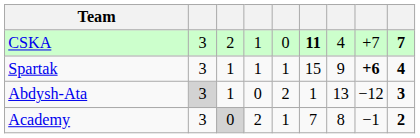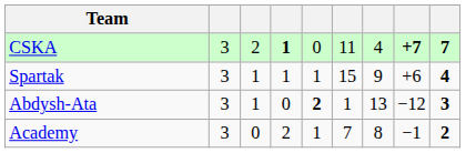 <table class="wikitable" style="text-align:center;">
 <tr>
 <th width=175>Team</th>
 <th width=20></th>
 <th width=20></th>
 <th width=20></th>
 <th width=20></th>
 <th width=20></th>
 <th width=20></th>
 <th width=20></th>
 <th width=20></th>
 </tr>
 <tr bgcolor=ccffcc>
 <td align="left"> <a href='#'>CSKA</a></td>
 <td>3</td>
 <td>2</td>
-<td>1</td>
+<td><strong>1</strong></td>
 <td>0</td>
-<td><strong>11</strong></td>
+<td>11</td>
 <td>4</td>
-<td>+7</td>
+<td><strong>+7</strong></td>
 <td><strong>7</strong></td>
 </tr>
 <tr>
 <td align="left"> <a href='#'>Spartak</a></td>
 <td>3</td>
 <td>1</td>
 <td>1</td>
 <td>1</td>
 <td>15</td>
 <td>9</td>
-<td><strong>+6</strong></td>
+<td>+6</td>
 <td><strong>4</strong></td>
 </tr>
 <tr>
 <td align="left"> <a href='#'>Abdysh-Ata</a></td>
-<td style="background: lightgrey;">3</td>
+<td>3</td>
 <td>1</td>
 <td>0</td>
-<td>2</td>
+<td><strong>2</strong></td>
 <td>1</td>
 <td>13</td>
 <td>−12</td>
 <td><strong>3</strong></td>
 </tr>
 <tr>
 <td align="left"> <a href='#'>Academy</a></td>
 <td>3</td>
-<td style="background: lightgrey;">0</td>
+<td>0</td>
 <td>2</td>
 <td>1</td>
 <td>7</td>
 <td>8</td>
 <td>−1</td>
 <td><strong>2</strong></td>
 </tr>
 </table>
